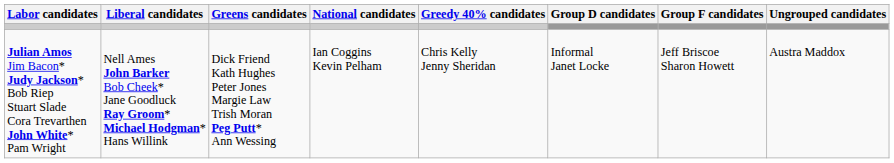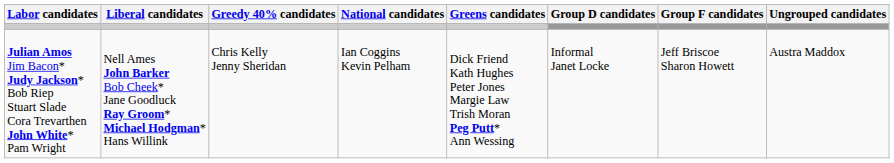 <table class="wikitable">
 <tr>
 <th><a href='#'>Labor</a> candidates</th>
 <th><a href='#'>Liberal</a> candidates</th>
+<th><a href='#'>Greedy 40%</a> candidates</th>
+<th><a href='#'>National</a> candidates</th>
 <th><a href='#'>Greens</a> candidates</th>
-<th><a href='#'>National</a> candidates</th>
-<th><a href='#'>Greedy 40%</a> candidates</th>
 <th>Group D candidates</th>
 <th>Group F candidates</th>
 <th>Ungrouped candidates</th>
 </tr>
 <tr bgcolor="#cccccc">
 <td></td>
 <td></td>
 <td></td>
 <td></td>
 <td></td>
 <td bgcolor="#999999"></td>
 <td bgcolor="#999999"></td>
 <td bgcolor="#999999"></td>
 </tr>
 <tr>
 <td><br><strong><a href='#'>Julian Amos</a></strong><br> <a href='#'>Jim Bacon</a>*<br> <strong><a href='#'>Judy Jackson</a></strong>*<br> Bob Riep<br> Stuart Slade<br> Cora Trevarthen<br> <strong><a href='#'>John White</a></strong>*<br> Pam Wright</td>
 <td><br>Nell Ames<br> <strong><a href='#'>John Barker</a></strong><br> <a href='#'>Bob Cheek</a>*<br> Jane Goodluck<br> <strong><a href='#'>Ray Groom</a></strong>*<br> <strong><a href='#'>Michael Hodgman</a></strong>*<br> Hans Willink</td>
+<td valign=top><br>Chris Kelly<br> Jenny Sheridan</td>
+<td valign=top><br>Ian Coggins<br> Kevin Pelham</td>
 <td><br>Dick Friend<br> Kath Hughes<br> Peter Jones<br> Margie Law<br> Trish Moran<br> <strong><a href='#'>Peg Putt</a></strong>*<br> Ann Wessing</td>
-<td valign=top><br>Ian Coggins<br> Kevin Pelham</td>
-<td valign=top><br>Chris Kelly<br> Jenny Sheridan</td>
 <td valign=top><br>Informal<br> Janet Locke</td>
 <td valign=top><br>Jeff Briscoe<br> Sharon Howett</td>
 <td valign=top><br>Austra Maddox</td>
 </tr>
 </table>
